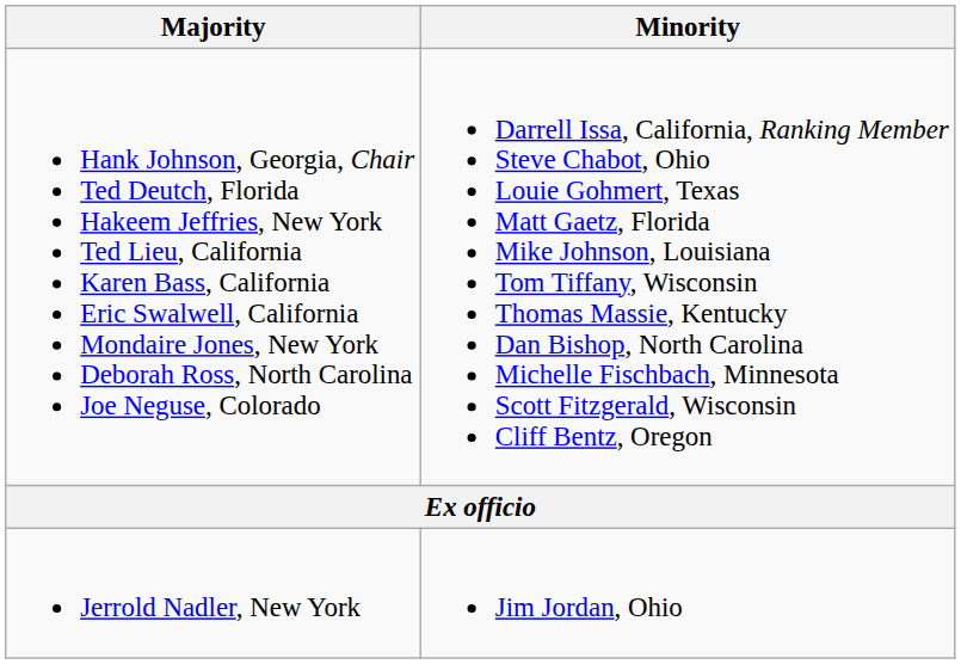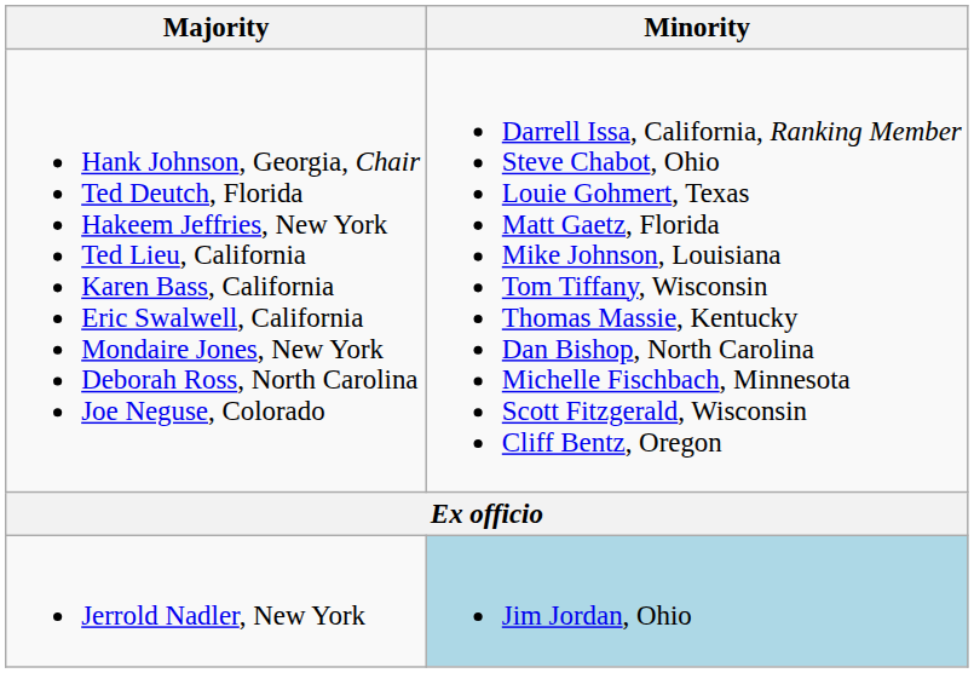 <table class=wikitable>
 <tr>
 <th>Majority</th>
 <th>Minority</th>
 </tr>
 <tr>
 <td><br><ul><li><a href='#'>Hank Johnson</a>, Georgia, <em>Chair</em></li><li><a href='#'>Ted Deutch</a>, Florida</li><li><a href='#'>Hakeem Jeffries</a>, New York</li><li><a href='#'>Ted Lieu</a>, California</li><li><a href='#'>Karen Bass</a>, California</li><li><a href='#'>Eric Swalwell</a>, California</li><li><a href='#'>Mondaire Jones</a>, New York</li><li><a href='#'>Deborah Ross</a>, North Carolina</li><li><a href='#'>Joe Neguse</a>, Colorado</li></ul></td>
 <td><br><ul><li><a href='#'>Darrell Issa</a>, California, <em>Ranking Member</em></li><li><a href='#'>Steve Chabot</a>, Ohio</li><li><a href='#'>Louie Gohmert</a>, Texas</li><li><a href='#'>Matt Gaetz</a>, Florida</li><li><a href='#'>Mike Johnson</a>, Louisiana</li><li><a href='#'>Tom Tiffany</a>, Wisconsin</li><li><a href='#'>Thomas Massie</a>, Kentucky</li><li><a href='#'>Dan Bishop</a>, North Carolina</li><li><a href='#'>Michelle Fischbach</a>, Minnesota</li><li><a href='#'>Scott Fitzgerald</a>, Wisconsin</li><li><a href='#'>Cliff Bentz</a>, Oregon</li></ul></td>
 </tr>
 <tr>
 <th colspan=2><em>Ex officio</em></th>
 </tr>
 <tr>
 <td><br><ul><li><a href='#'>Jerrold Nadler</a>, New York</li></ul></td>
-<td><br><ul><li><a href='#'>Jim Jordan</a>, Ohio</li></ul></td>
+<td style="background: lightblue;"><br><ul><li><a href='#'>Jim Jordan</a>, Ohio</li></ul></td>
 </tr>
 </table>
